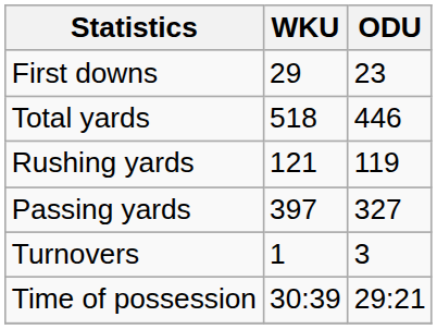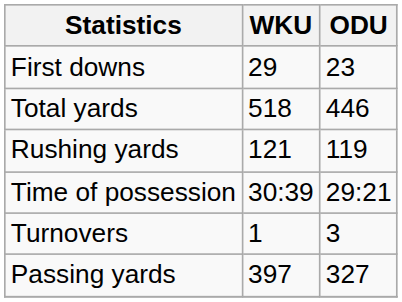 <table class="wikitable">
 <tr>
 <th>Statistics</th>
 <th>WKU</th>
 <th>ODU</th>
 </tr>
 <tr>
 <td>First downs</td>
 <td>29</td>
 <td>23</td>
 </tr>
 <tr>
 <td>Total yards</td>
 <td>518</td>
 <td>446</td>
 </tr>
 <tr>
 <td>Rushing yards</td>
 <td>121</td>
 <td>119</td>
 </tr>
 <tr>
-<td>Passing yards</td>
-<td>397</td>
-<td>327</td>
+<td>Time of possession</td>
+<td>30:39</td>
+<td>29:21</td>
 </tr>
 <tr>
 <td>Turnovers</td>
 <td>1</td>
 <td>3</td>
 </tr>
 <tr>
-<td>Time of possession</td>
-<td>30:39</td>
-<td>29:21</td>
+<td>Passing yards</td>
+<td>397</td>
+<td>327</td>
 </tr>
 <tr>
 </tr>
 </table>
